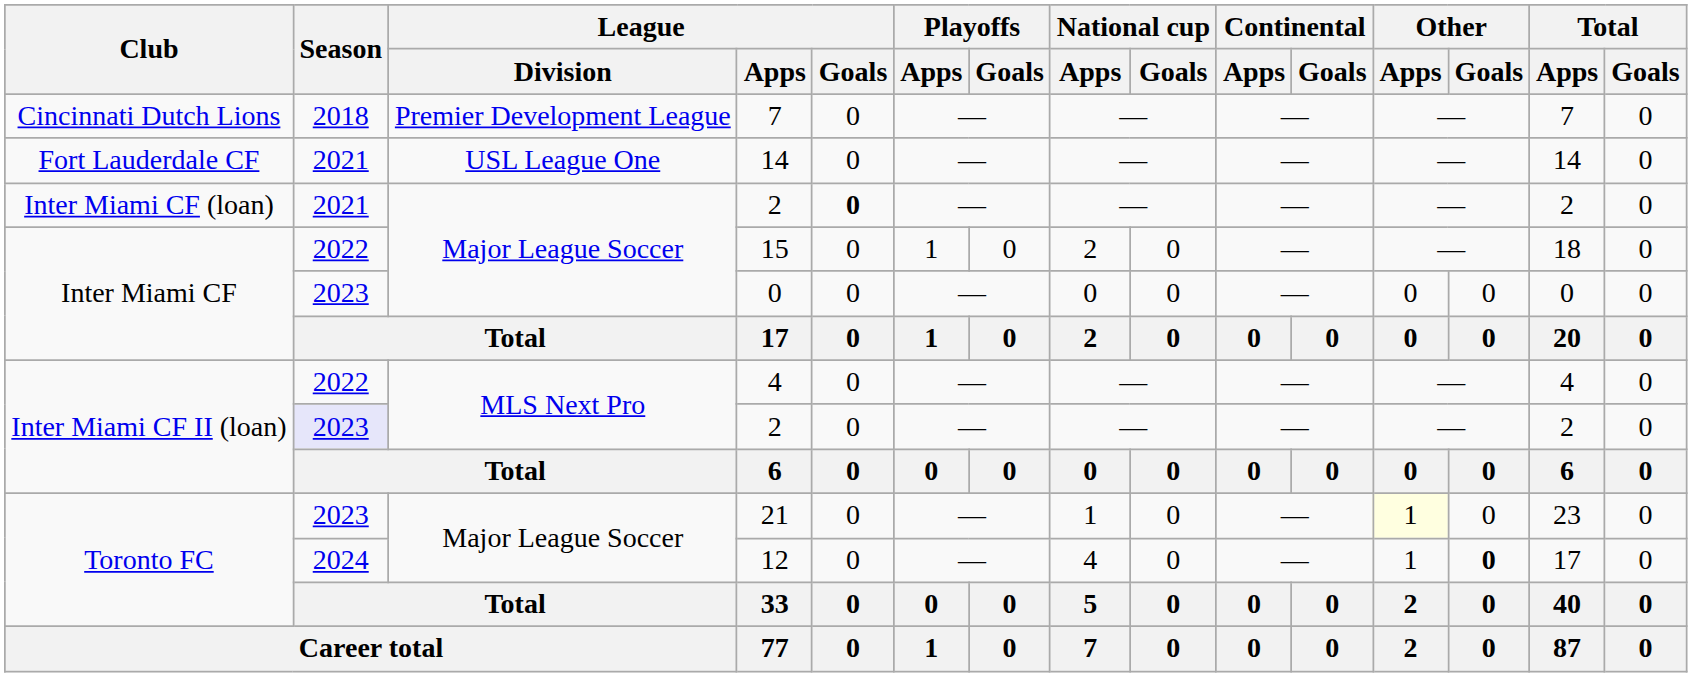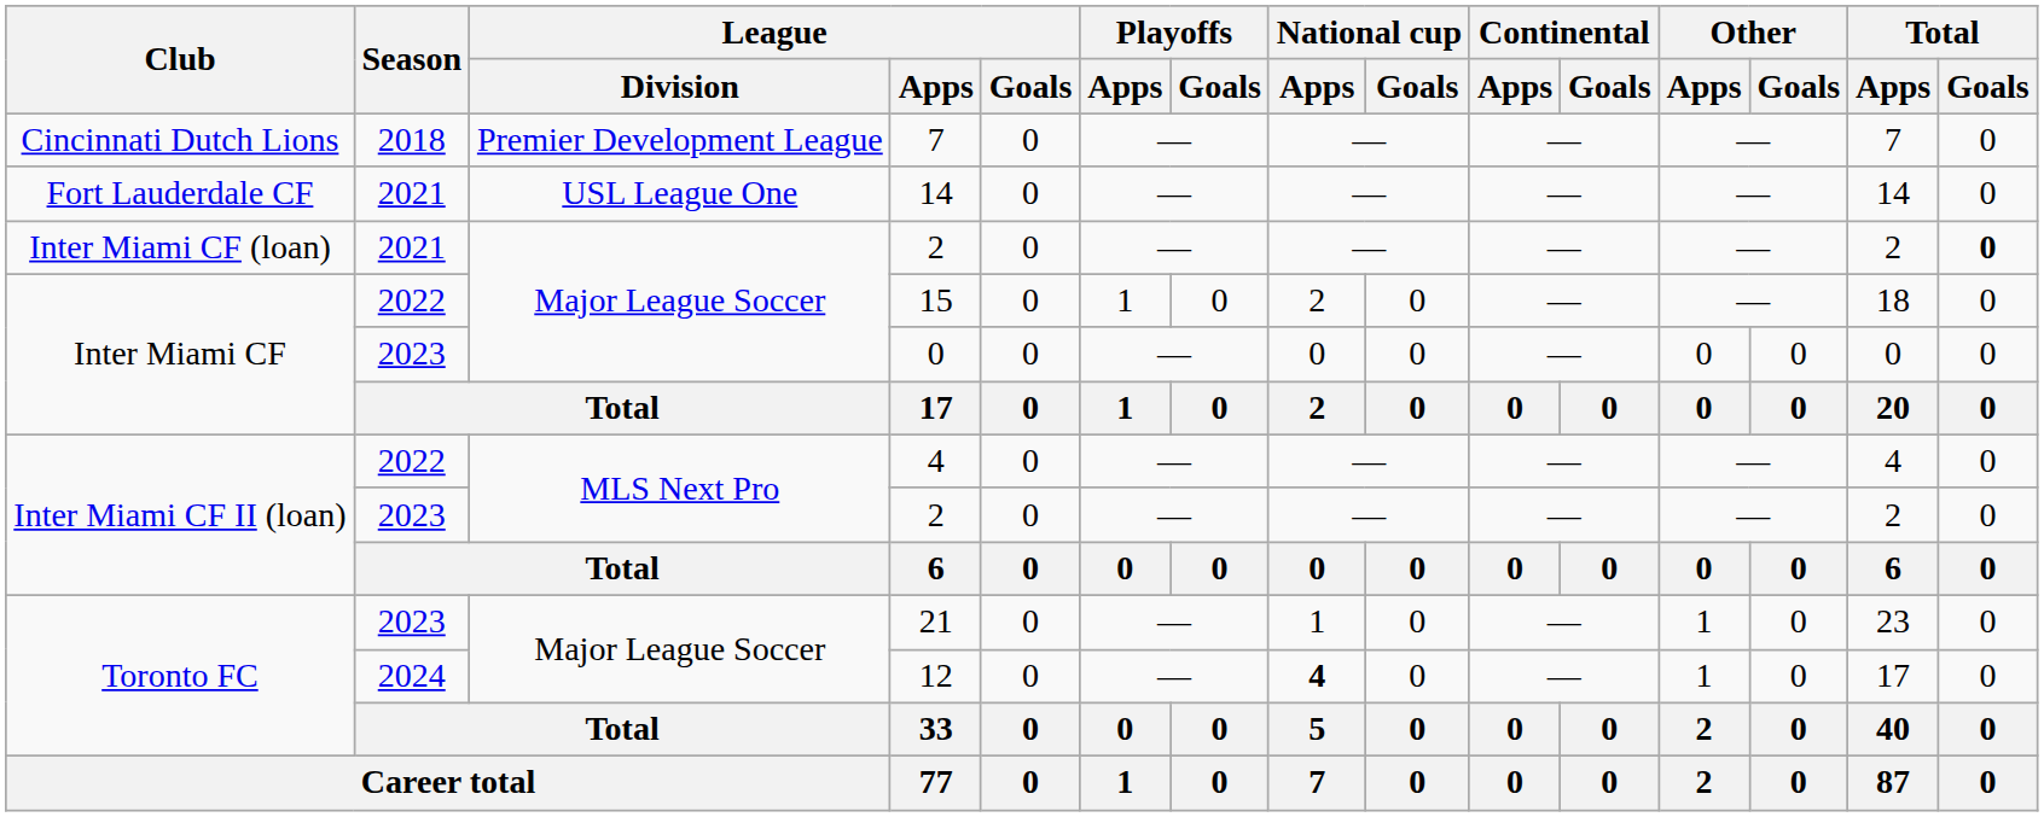 <table class="wikitable" style="text-align: center">
 <tr>
 <th rowspan="2">Club</th>
 <th rowspan="2">Season</th>
 <th colspan="3">League</th>
 <th colspan="2">Playoffs</th>
 <th colspan="2">National cup</th>
 <th colspan="2">Continental</th>
 <th colspan="2">Other</th>
 <th colspan="2">Total</th>
 </tr>
 <tr>
 <th>Division</th>
 <th>Apps</th>
 <th>Goals</th>
 <th>Apps</th>
 <th>Goals</th>
 <th>Apps</th>
 <th>Goals</th>
 <th>Apps</th>
 <th>Goals</th>
 <th>Apps</th>
 <th>Goals</th>
 <th>Apps</th>
 <th>Goals</th>
 </tr>
 <tr>
 <td><a href='#'>Cincinnati Dutch Lions</a></td>
 <td><a href='#'>2018</a></td>
 <td><a href='#'>Premier Development League</a></td>
 <td>7</td>
 <td>0</td>
 <td colspan="2">—</td>
 <td colspan="2">—</td>
 <td colspan="2">—</td>
 <td colspan="2">—</td>
 <td>7</td>
 <td>0</td>
 </tr>
 <tr>
 <td><a href='#'>Fort Lauderdale CF</a></td>
 <td><a href='#'>2021</a></td>
 <td><a href='#'>USL League One</a></td>
 <td>14</td>
 <td>0</td>
 <td colspan="2">—</td>
 <td colspan="2">—</td>
 <td colspan="2">—</td>
 <td colspan="2">—</td>
 <td>14</td>
 <td>0</td>
 </tr>
 <tr>
 <td><a href='#'>Inter Miami CF</a> (loan)</td>
 <td><a href='#'>2021</a></td>
 <td rowspan="3"><a href='#'>Major League Soccer</a></td>
 <td>2</td>
-<td><strong>0</strong></td>
+<td>0</td>
 <td colspan="2">—</td>
 <td colspan="2">—</td>
 <td colspan="2">—</td>
 <td colspan="2">—</td>
 <td>2</td>
-<td>0</td>
+<td><strong>0</strong></td>
 </tr>
 <tr>
 <td rowspan="3">Inter Miami CF</td>
 <td><a href='#'>2022</a></td>
 <td>15</td>
 <td>0</td>
 <td>1</td>
 <td>0</td>
 <td>2</td>
 <td>0</td>
 <td colspan="2">—</td>
 <td colspan="2">—</td>
 <td>18</td>
 <td>0</td>
 </tr>
 <tr>
 <td><a href='#'>2023</a></td>
 <td>0</td>
 <td>0</td>
 <td colspan="2">—</td>
 <td>0</td>
 <td>0</td>
 <td colspan="2">—</td>
 <td>0</td>
 <td>0</td>
 <td>0</td>
 <td>0</td>
 </tr>
 <tr>
 <th colspan="2">Total</th>
 <th>17</th>
 <th>0</th>
 <th>1</th>
 <th>0</th>
 <th>2</th>
 <th>0</th>
 <th>0</th>
 <th>0</th>
 <th>0</th>
 <th>0</th>
 <th>20</th>
 <th>0</th>
 </tr>
 <tr>
 <td rowspan="3"><a href='#'>Inter Miami CF II</a> (loan)</td>
 <td><a href='#'>2022</a></td>
 <td rowspan=2><a href='#'>MLS Next Pro</a></td>
 <td>4</td>
 <td>0</td>
 <td colspan="2">—</td>
 <td colspan="2">—</td>
 <td colspan="2">—</td>
 <td colspan="2">—</td>
 <td>4</td>
 <td>0</td>
 </tr>
 <tr>
-<td style="background: lavender;"><a href='#'>2023</a></td>
+<td><a href='#'>2023</a></td>
 <td>2</td>
 <td>0</td>
 <td colspan="2">—</td>
 <td colspan="2">—</td>
 <td colspan="2">—</td>
 <td colspan="2">—</td>
 <td>2</td>
 <td>0</td>
 </tr>
 <tr>
 <th colspan="2">Total</th>
 <th>6</th>
 <th>0</th>
 <th>0</th>
 <th>0</th>
 <th>0</th>
 <th>0</th>
 <th>0</th>
 <th>0</th>
 <th>0</th>
 <th>0</th>
 <th>6</th>
 <th>0</th>
 </tr>
 <tr>
 <td rowspan="3"><a href='#'>Toronto FC</a></td>
 <td><a href='#'>2023</a></td>
 <td rowspan="2">Major League Soccer</td>
 <td>21</td>
 <td>0</td>
 <td colspan="2">—</td>
 <td>1</td>
 <td>0</td>
 <td colspan="2">—</td>
-<td style="background: lightyellow;">1</td>
+<td>1</td>
 <td>0</td>
 <td>23</td>
 <td>0</td>
 </tr>
 <tr>
 <td><a href='#'>2024</a></td>
 <td>12</td>
 <td>0</td>
 <td colspan="2">—</td>
-<td>4</td>
+<td><strong>4</strong></td>
 <td>0</td>
 <td colspan="2">—</td>
 <td>1</td>
-<td><strong>0</strong></td>
+<td>0</td>
 <td>17</td>
 <td>0</td>
 </tr>
 <tr>
 <th colspan="2">Total</th>
 <th>33</th>
 <th>0</th>
 <th>0</th>
 <th>0</th>
 <th>5</th>
 <th>0</th>
 <th>0</th>
 <th>0</th>
 <th>2</th>
 <th>0</th>
 <th>40</th>
 <th>0</th>
 </tr>
 <tr>
 <th colspan="3">Career total</th>
 <th>77</th>
 <th>0</th>
 <th>1</th>
 <th>0</th>
 <th>7</th>
 <th>0</th>
 <th>0</th>
 <th>0</th>
 <th>2</th>
 <th>0</th>
 <th>87</th>
 <th>0</th>
 </tr>
 </table>
